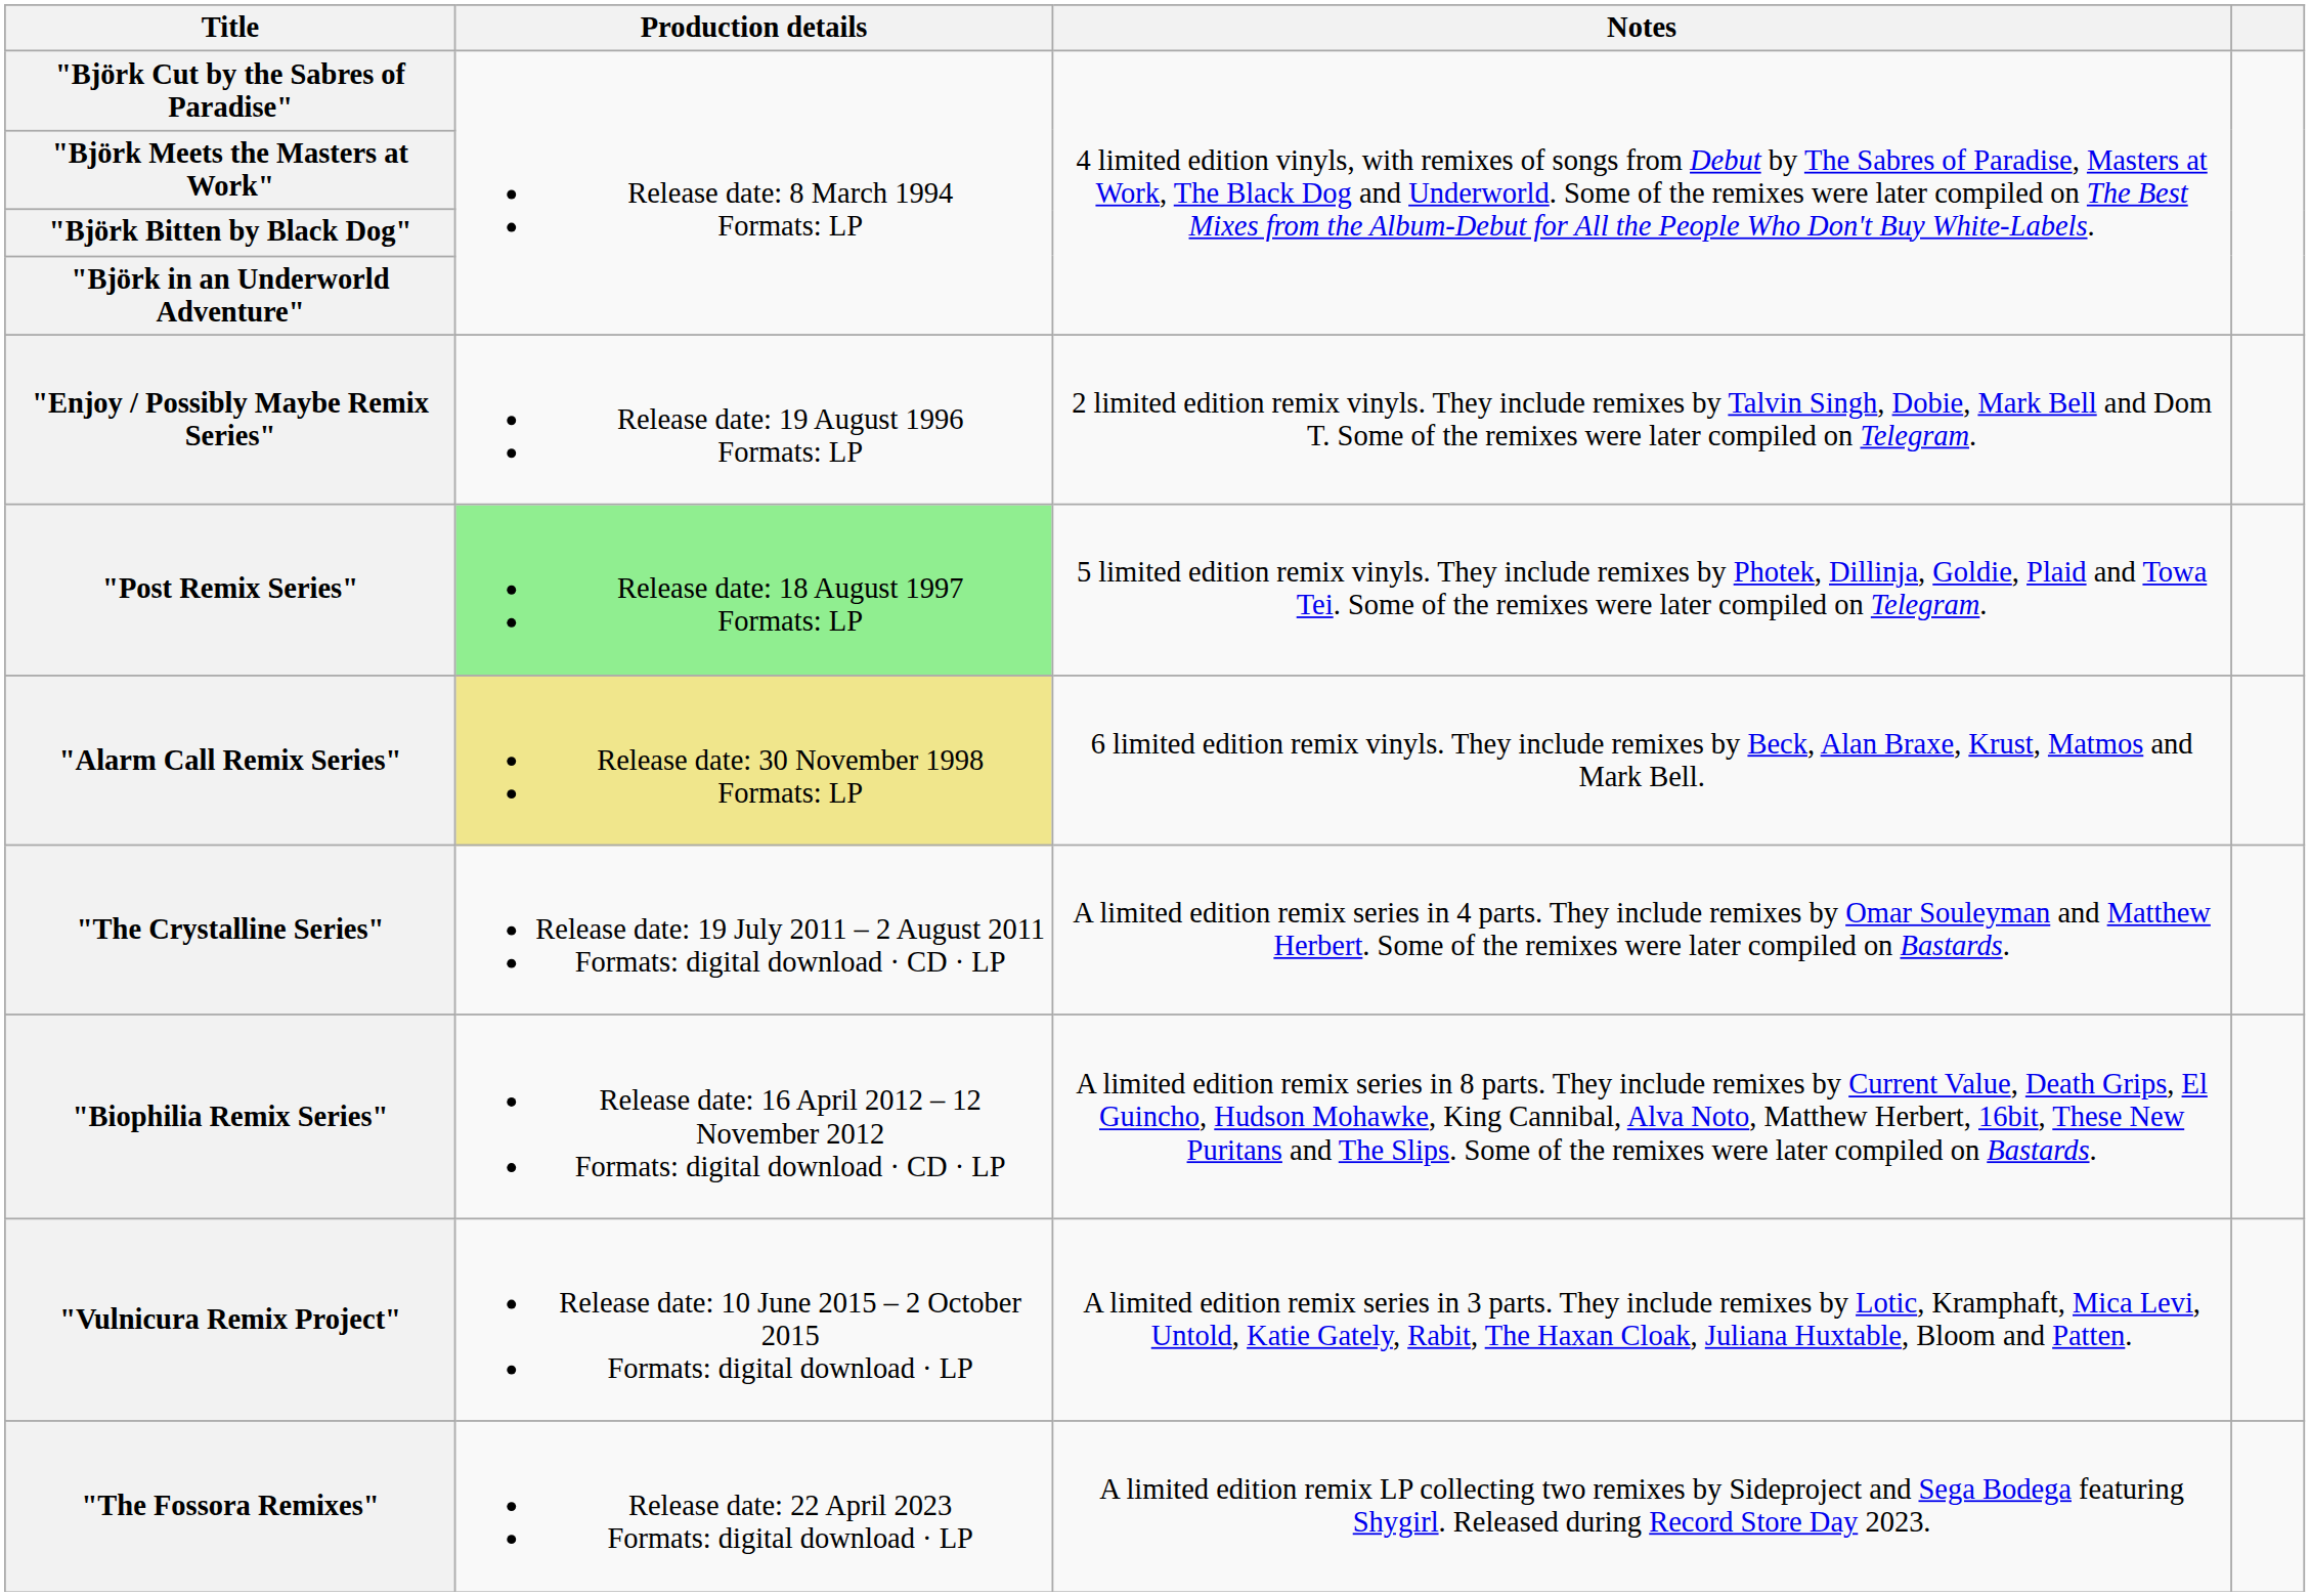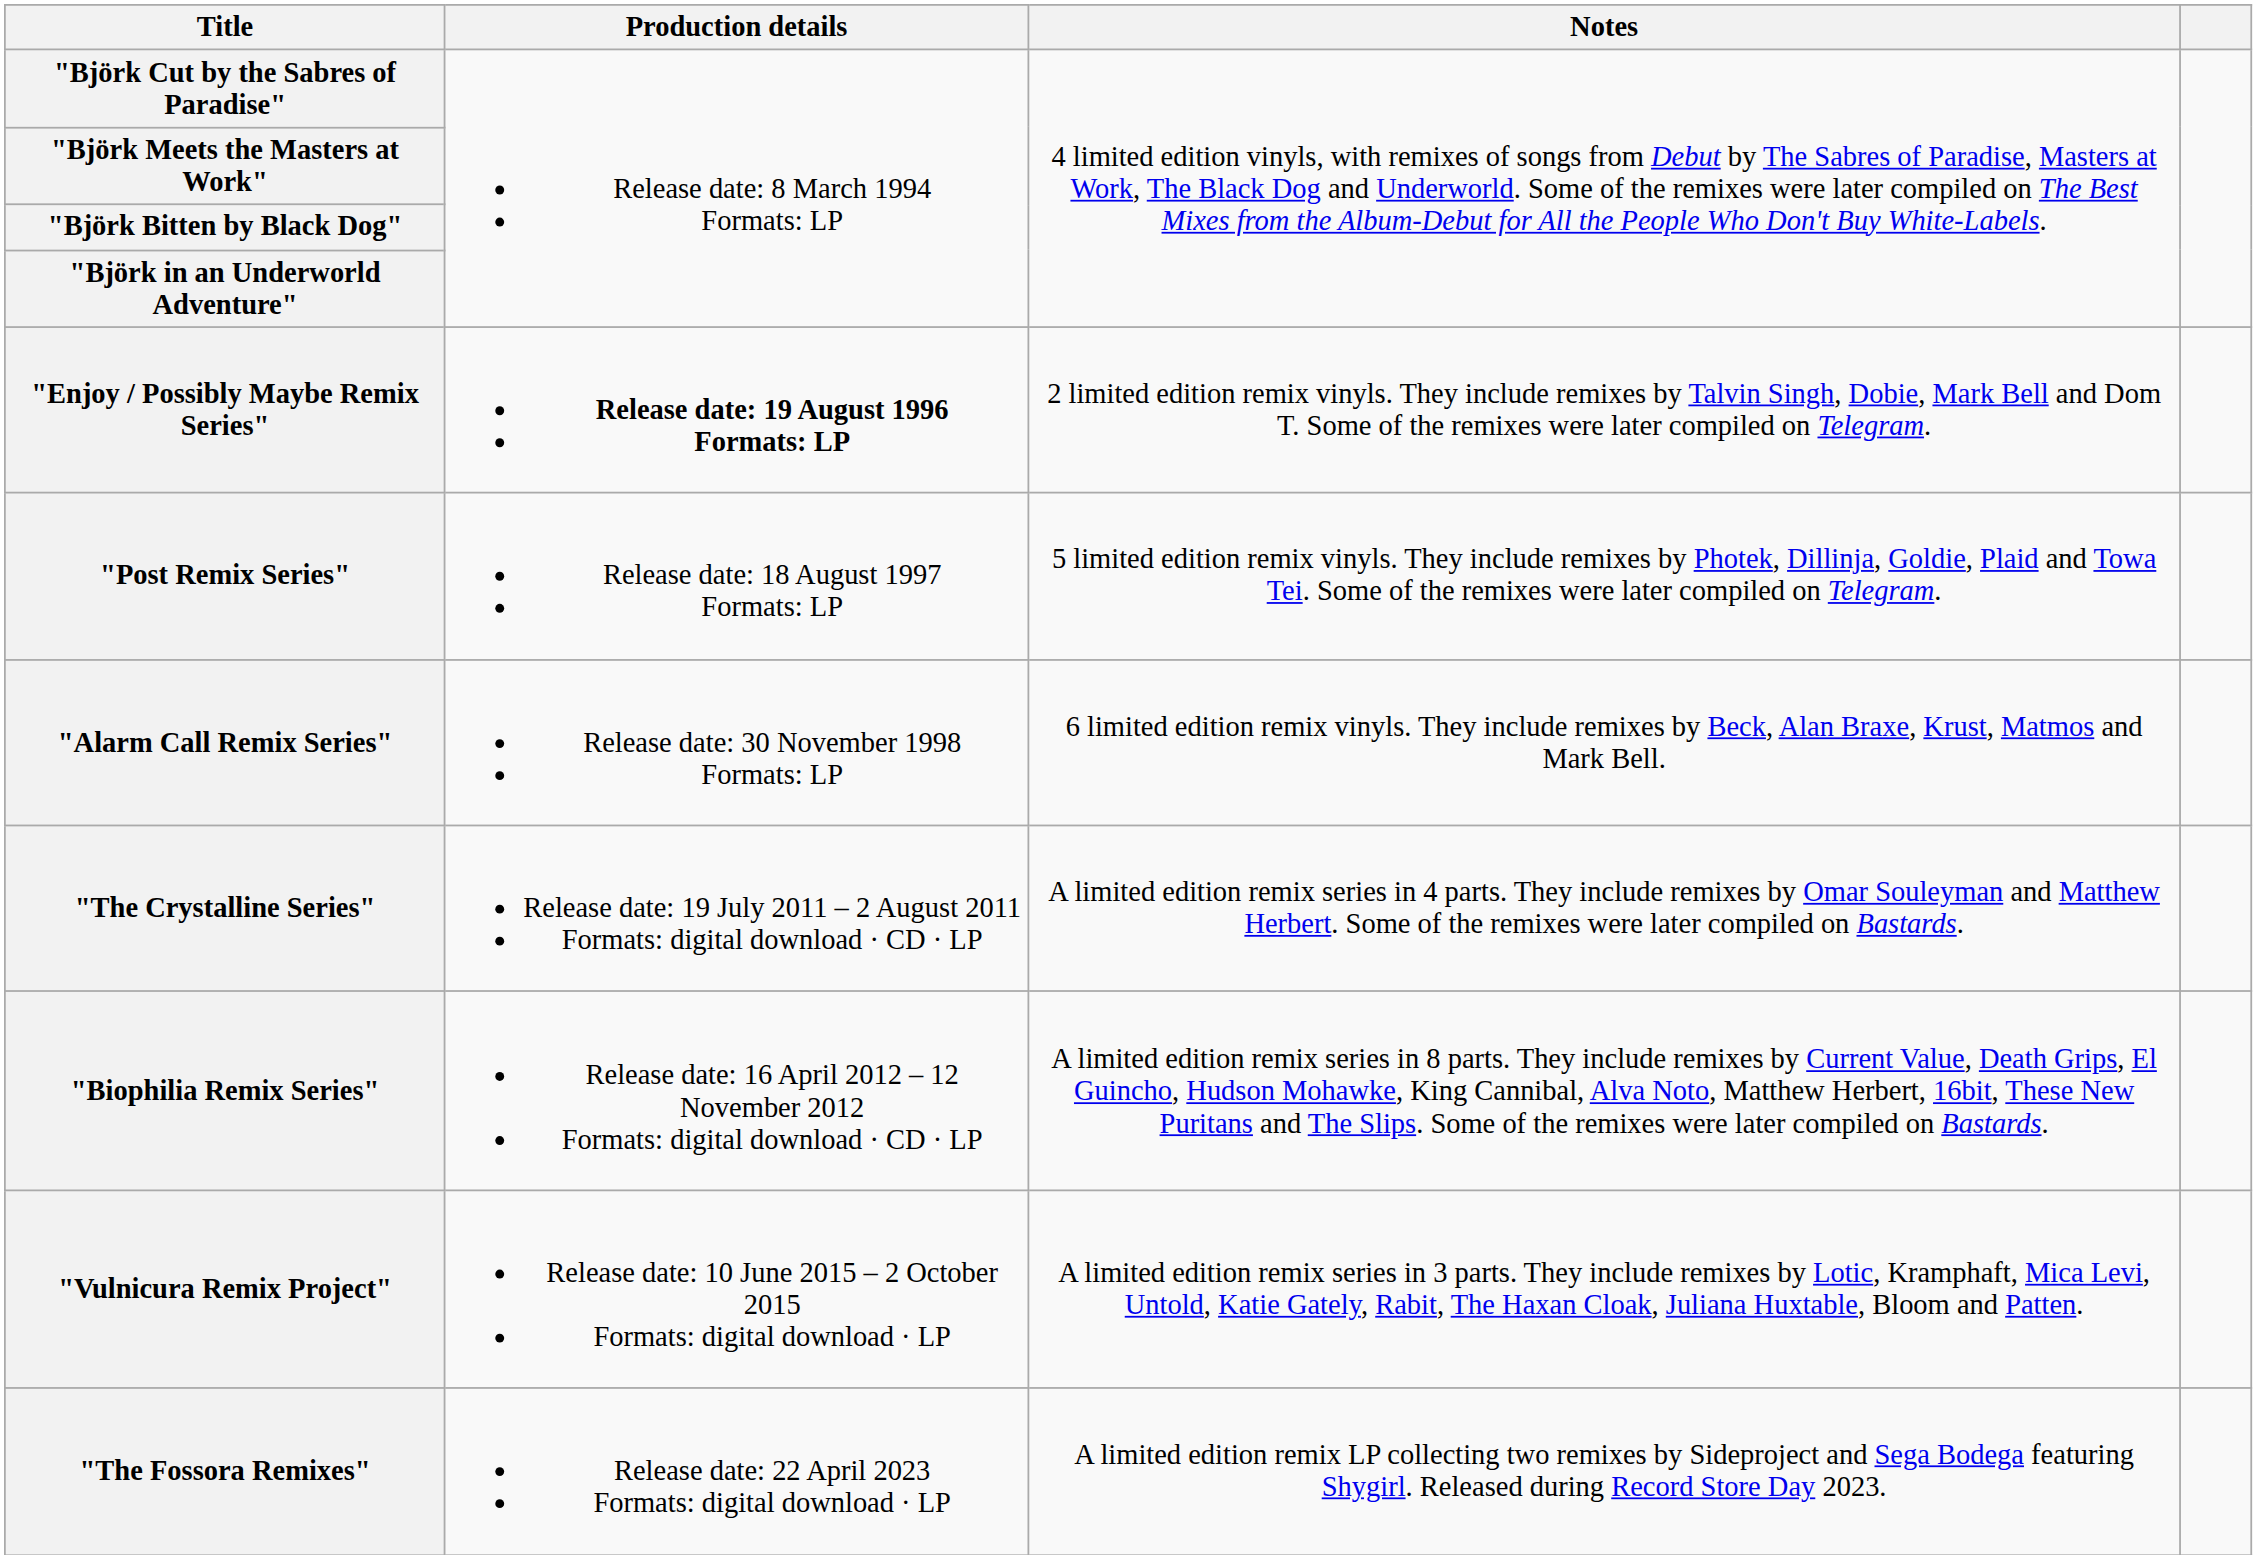 <table class="wikitable plainrowheaders" style="text-align:center;">
 <tr>
 <th scope="col" style="width:15em;">Title</th>
 <th scope="col" style="width:20em;" class="unsortable">Production details</th>
 <th scope="col" style="width:40em;" class="unsortable">Notes</th>
 <th scope="col" style="width:2em;" class="unsortable"></th>
 </tr>
 <tr>
 <th scope="row">"Björk Cut by the Sabres of Paradise"</th>
 <td rowspan=4><br><ul><li>Release date: 8 March 1994</li><li>Formats: LP</li></ul></td>
 <td rowspan=4>4 limited edition vinyls, with remixes of songs from <em><a href='#'>Debut</a></em> by <a href='#'>The Sabres of Paradise</a>, <a href='#'>Masters at Work</a>, <a href='#'>The Black Dog</a> and <a href='#'>Underworld</a>. Some of the remixes were later compiled on <em><a href='#'>The Best Mixes from the Album-Debut for All the People Who Don't Buy White-Labels</a></em>.</td>
 <td rowspan=4></td>
 </tr>
 <tr>
 <th scope="row">"Björk Meets the Masters at Work"</th>
 </tr>
 <tr>
 <th scope="row">"Björk Bitten by Black Dog"</th>
 </tr>
 <tr>
 <th scope="row">"Björk in an Underworld Adventure"</th>
 </tr>
 <tr>
 <th scope="row">"Enjoy / Possibly Maybe Remix Series"</th>
-<td><br><ul><li>Release date: 19 August 1996</li><li>Formats: LP</li></ul></td>
+<td><strong><br><ul><li>Release date: 19 August 1996</li><li>Formats: LP</li></ul></strong></td>
 <td>2 limited edition remix vinyls. They include remixes by <a href='#'>Talvin Singh</a>, <a href='#'>Dobie</a>, <a href='#'>Mark Bell</a> and Dom T. Some of the remixes were later compiled on <em><a href='#'>Telegram</a></em>.</td>
 <td></td>
 </tr>
 <tr>
 <th scope="row">"Post Remix Series"</th>
-<td style="background: lightgreen;"><br><ul><li>Release date: 18 August 1997</li><li>Formats: LP</li></ul></td>
+<td><br><ul><li>Release date: 18 August 1997</li><li>Formats: LP</li></ul></td>
 <td>5 limited edition remix vinyls. They include remixes by <a href='#'>Photek</a>, <a href='#'>Dillinja</a>, <a href='#'>Goldie</a>, <a href='#'>Plaid</a> and <a href='#'>Towa Tei</a>. Some of the remixes were later compiled on <em><a href='#'>Telegram</a></em>.</td>
 <td></td>
 </tr>
 <tr>
 <th scope="row">"Alarm Call Remix Series"</th>
-<td style="background: khaki;"><br><ul><li>Release date: 30 November 1998</li><li>Formats: LP</li></ul></td>
+<td><br><ul><li>Release date: 30 November 1998</li><li>Formats: LP</li></ul></td>
 <td>6 limited edition remix vinyls. They include remixes by <a href='#'>Beck</a>, <a href='#'>Alan Braxe</a>, <a href='#'>Krust</a>, <a href='#'>Matmos</a> and Mark Bell.</td>
 <td></td>
 </tr>
 <tr>
 <th scope="row">"The Crystalline Series"</th>
 <td><br><ul><li>Release date: 19 July 2011 – 2 August 2011</li><li>Formats: digital download · CD · LP</li></ul></td>
 <td>A limited edition remix series in 4 parts. They include remixes by <a href='#'>Omar Souleyman</a> and <a href='#'>Matthew Herbert</a>. Some of the remixes were later compiled on <em><a href='#'>Bastards</a></em>.</td>
 <td></td>
 </tr>
 <tr>
 <th scope="row">"Biophilia Remix Series"</th>
 <td><br><ul><li>Release date: 16 April 2012 – 12 November 2012</li><li>Formats: digital download · CD · LP</li></ul></td>
 <td>A limited edition remix series in 8 parts. They include remixes by <a href='#'>Current Value</a>, <a href='#'>Death Grips</a>, <a href='#'>El Guincho</a>, <a href='#'>Hudson Mohawke</a>, King Cannibal, <a href='#'>Alva Noto</a>, Matthew Herbert, <a href='#'>16bit</a>, <a href='#'>These New Puritans</a> and <a href='#'>The Slips</a>. Some of the remixes were later compiled on <em><a href='#'>Bastards</a></em>.</td>
 <td></td>
 </tr>
 <tr>
 <th scope="row">"Vulnicura Remix Project"</th>
 <td><br><ul><li>Release date: 10 June 2015 – 2 October 2015</li><li>Formats: digital download · LP</li></ul></td>
 <td>A limited edition remix series in 3 parts. They include remixes by <a href='#'>Lotic</a>, Kramphaft, <a href='#'>Mica Levi</a>, <a href='#'>Untold</a>, <a href='#'>Katie Gately</a>, <a href='#'>Rabit</a>, <a href='#'>The Haxan Cloak</a>, <a href='#'>Juliana Huxtable</a>, Bloom and <a href='#'>Patten</a>.</td>
 <td></td>
 </tr>
 <tr>
 <th scope="row">"The Fossora Remixes"</th>
 <td><br><ul><li>Release date: 22 April 2023</li><li>Formats: digital download · LP</li></ul></td>
 <td>A limited edition remix LP collecting two remixes by Sideproject and <a href='#'>Sega Bodega</a> featuring <a href='#'>Shygirl</a>. Released during <a href='#'>Record Store Day</a> 2023.</td>
 <td></td>
 </tr>
 </table>
